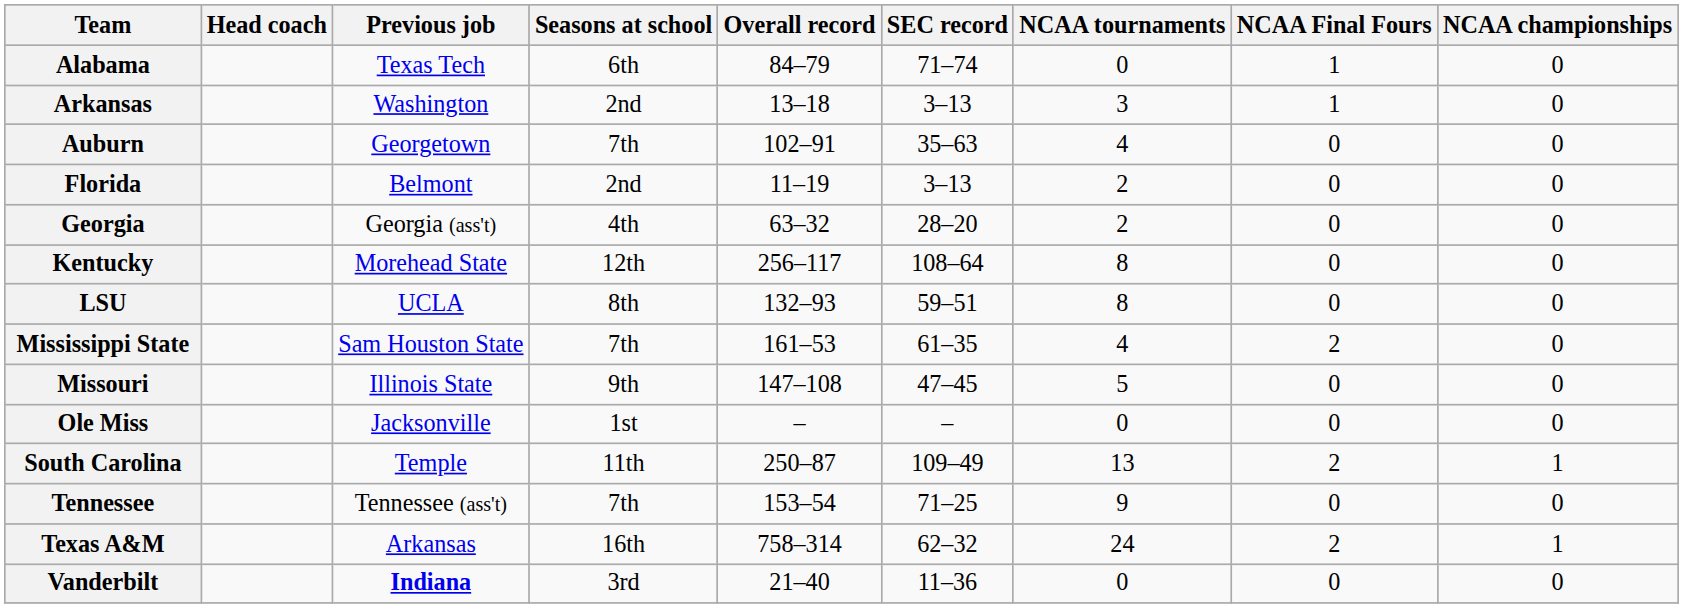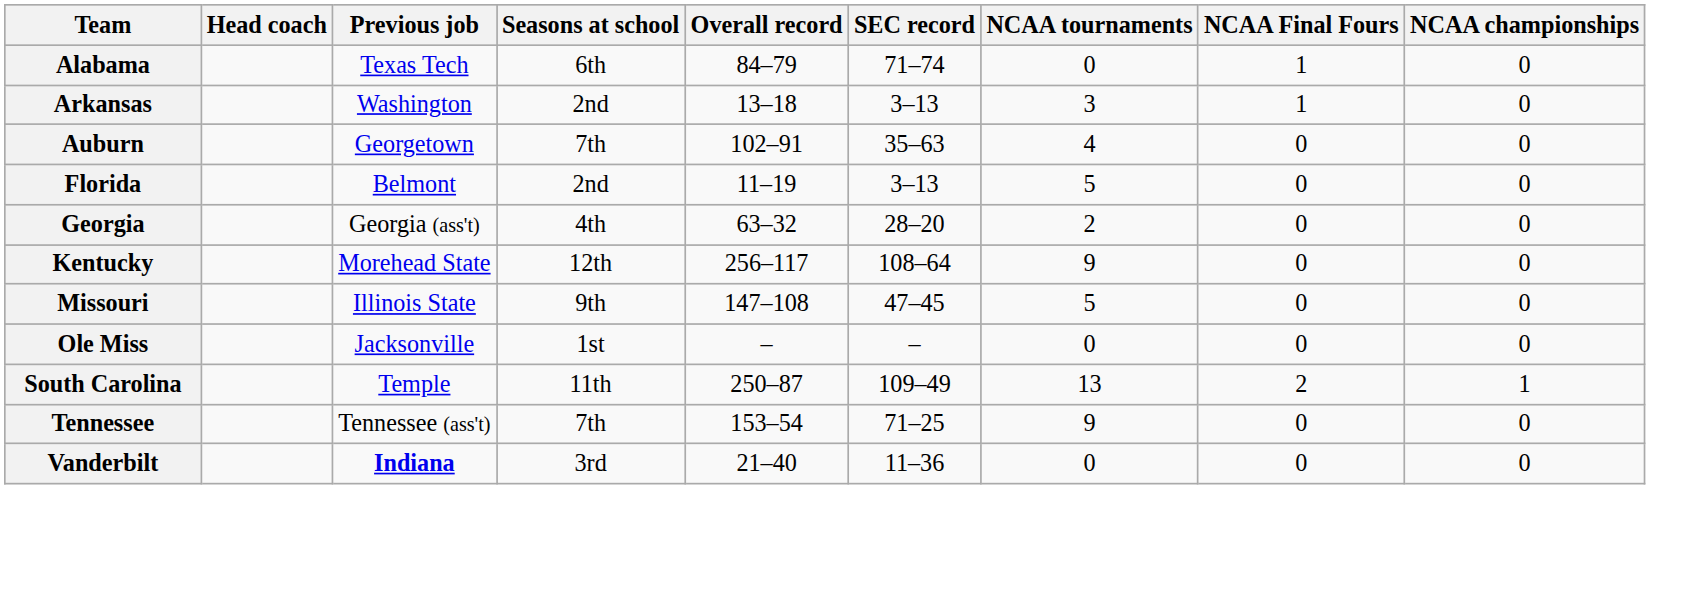 <table class="wikitable sortable" style="text-align: center;font-size:90%;">
 <tr>
 <th width="110">Team</th>
 <th>Head coach</th>
 <th>Previous job</th>
 <th>Seasons at school</th>
 <th>Overall record</th>
 <th>SEC record</th>
 <th>NCAA tournaments</th>
 <th>NCAA Final Fours</th>
 <th>NCAA championships</th>
 </tr>
 <tr>
 <th>Alabama</th>
 <td></td>
 <td><a href='#'>Texas Tech</a></td>
 <td>6th</td>
 <td>84–79</td>
 <td>71–74</td>
 <td>0</td>
 <td>1</td>
 <td>0</td>
 </tr>
 <tr>
 <th>Arkansas</th>
 <td></td>
 <td><a href='#'>Washington</a></td>
 <td>2nd</td>
 <td>13–18</td>
 <td>3–13</td>
 <td>3</td>
 <td>1</td>
 <td>0</td>
 </tr>
 <tr>
 <th>Auburn</th>
 <td></td>
 <td><a href='#'>Georgetown</a></td>
 <td>7th</td>
 <td>102–91</td>
 <td>35–63</td>
 <td>4</td>
 <td>0</td>
 <td>0</td>
 </tr>
 <tr>
 <th>Florida</th>
 <td></td>
 <td><a href='#'>Belmont</a></td>
 <td>2nd</td>
 <td>11–19</td>
 <td>3–13</td>
-<td>2</td>
+<td>5</td>
 <td>0</td>
 <td>0</td>
 </tr>
 <tr>
 <th>Georgia</th>
 <td></td>
 <td>Georgia <small>(ass't)</small></td>
 <td>4th</td>
 <td>63–32</td>
 <td>28–20</td>
 <td>2</td>
 <td>0</td>
 <td>0</td>
 </tr>
 <tr>
 <th>Kentucky</th>
 <td></td>
 <td><a href='#'>Morehead State</a></td>
 <td>12th</td>
 <td>256–117</td>
 <td>108–64</td>
-<td>8</td>
+<td>9</td>
 <td>0</td>
-<td>0</td>
-</tr>
-<tr>
-<th>LSU</th>
-<td></td>
-<td><a href='#'>UCLA</a></td>
-<td>8th</td>
-<td>132–93</td>
-<td>59–51</td>
-<td>8</td>
-<td>0</td>
-<td>0</td>
-</tr>
-<tr>
-<th>Mississippi State</th>
-<td></td>
-<td><a href='#'>Sam Houston State</a></td>
-<td>7th</td>
-<td>161–53</td>
-<td>61–35</td>
-<td>4</td>
-<td>2</td>
 <td>0</td>
 </tr>
 <tr>
 <th>Missouri</th>
 <td></td>
 <td><a href='#'>Illinois State</a></td>
 <td>9th</td>
 <td>147–108</td>
 <td>47–45</td>
 <td>5</td>
 <td>0</td>
 <td>0</td>
 </tr>
 <tr>
 <th>Ole Miss</th>
 <td></td>
 <td><a href='#'>Jacksonville</a></td>
 <td>1st</td>
 <td>–</td>
 <td>–</td>
 <td>0</td>
 <td>0</td>
 <td>0</td>
 </tr>
 <tr>
 <th>South Carolina</th>
 <td></td>
 <td><a href='#'>Temple</a></td>
 <td>11th</td>
 <td>250–87</td>
 <td>109–49</td>
 <td>13</td>
 <td>2</td>
 <td>1</td>
 </tr>
 <tr>
 <th>Tennessee</th>
 <td></td>
 <td>Tennessee <small>(ass't)</small></td>
 <td>7th</td>
 <td>153–54</td>
 <td>71–25</td>
 <td>9</td>
 <td>0</td>
 <td>0</td>
 </tr>
 <tr>
-<th>Texas A&M</th>
-<td></td>
-<td><a href='#'>Arkansas</a></td>
-<td>16th</td>
-<td>758–314</td>
-<td>62–32</td>
-<td>24</td>
-<td>2</td>
-<td>1</td>
-</tr>
-<tr>
 <th>Vanderbilt</th>
 <td></td>
 <td><strong><a href='#'>Indiana</a></strong></td>
 <td>3rd</td>
 <td>21–40</td>
 <td>11–36</td>
 <td>0</td>
 <td>0</td>
 <td>0</td>
 </tr>
 </table>
